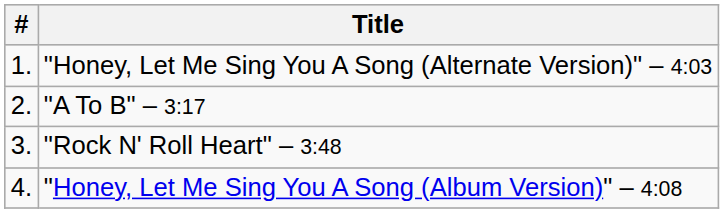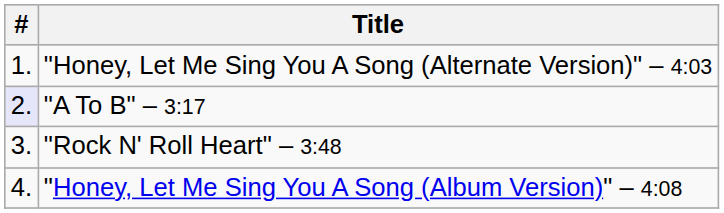 <table class="wikitable">
 <tr>
 <th>#</th>
 <th>Title</th>
 </tr>
 <tr>
 <td>1.</td>
 <td>"Honey, Let Me Sing You A Song (Alternate Version)" – <small>4:03</small></td>
 </tr>
 <tr>
-<td>2.</td>
+<td style="background: lavender;">2.</td>
 <td>"A To B" – <small>3:17</small></td>
 </tr>
 <tr>
 <td>3.</td>
 <td>"Rock N' Roll Heart" – <small>3:48</small></td>
 </tr>
 <tr>
 <td>4.</td>
 <td>"<a href='#'>Honey, Let Me Sing You A Song (Album Version)</a>" – <small>4:08</small></td>
 </tr>
 </table>
